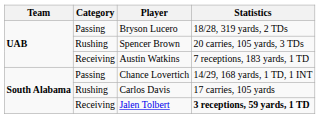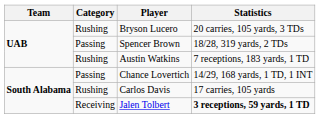 <table class="wikitable" style="float: left;">
 <tr>
 <th>Team</th>
 <th>Category</th>
 <th>Player</th>
 <th>Statistics</th>
 </tr>
 <tr>
 <td rowspan=3><strong>UAB</strong></td>
+<td>Rushing</td>
+<td>Bryson Lucero</td>
+<td>20 carries, 105 yards, 3 TDs</td>
+</tr>
+<tr>
 <td>Passing</td>
-<td>Bryson Lucero</td>
+<td>Spencer Brown</td>
 <td>18/28, 319 yards, 2 TDs</td>
 </tr>
 <tr>
 <td>Rushing</td>
-<td>Spencer Brown</td>
-<td>20 carries, 105 yards, 3 TDs</td>
-</tr>
-<tr>
-<td>Receiving</td>
 <td>Austin Watkins</td>
 <td>7 receptions, 183 yards, 1 TD</td>
 </tr>
 <tr>
 <td rowspan=3><strong>South Alabama</strong></td>
 <td>Passing</td>
 <td>Chance Lovertich</td>
 <td>14/29, 168 yards, 1 TD, 1 INT</td>
 </tr>
 <tr>
 <td>Rushing</td>
 <td>Carlos Davis</td>
 <td>17 carries, 105 yards</td>
 </tr>
 <tr>
 <td>Receiving</td>
 <td><a href='#'>Jalen Tolbert</a></td>
 <td><strong>3 receptions, 59 yards, 1 TD</strong></td>
 </tr>
 </table>
